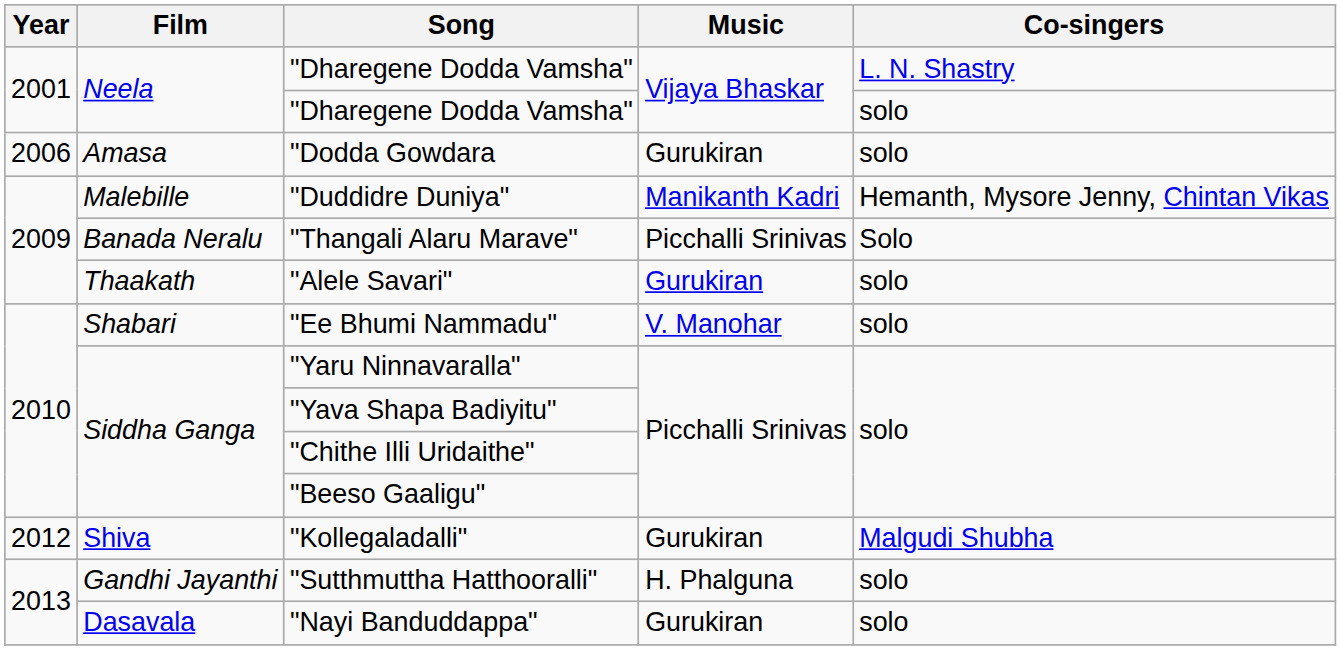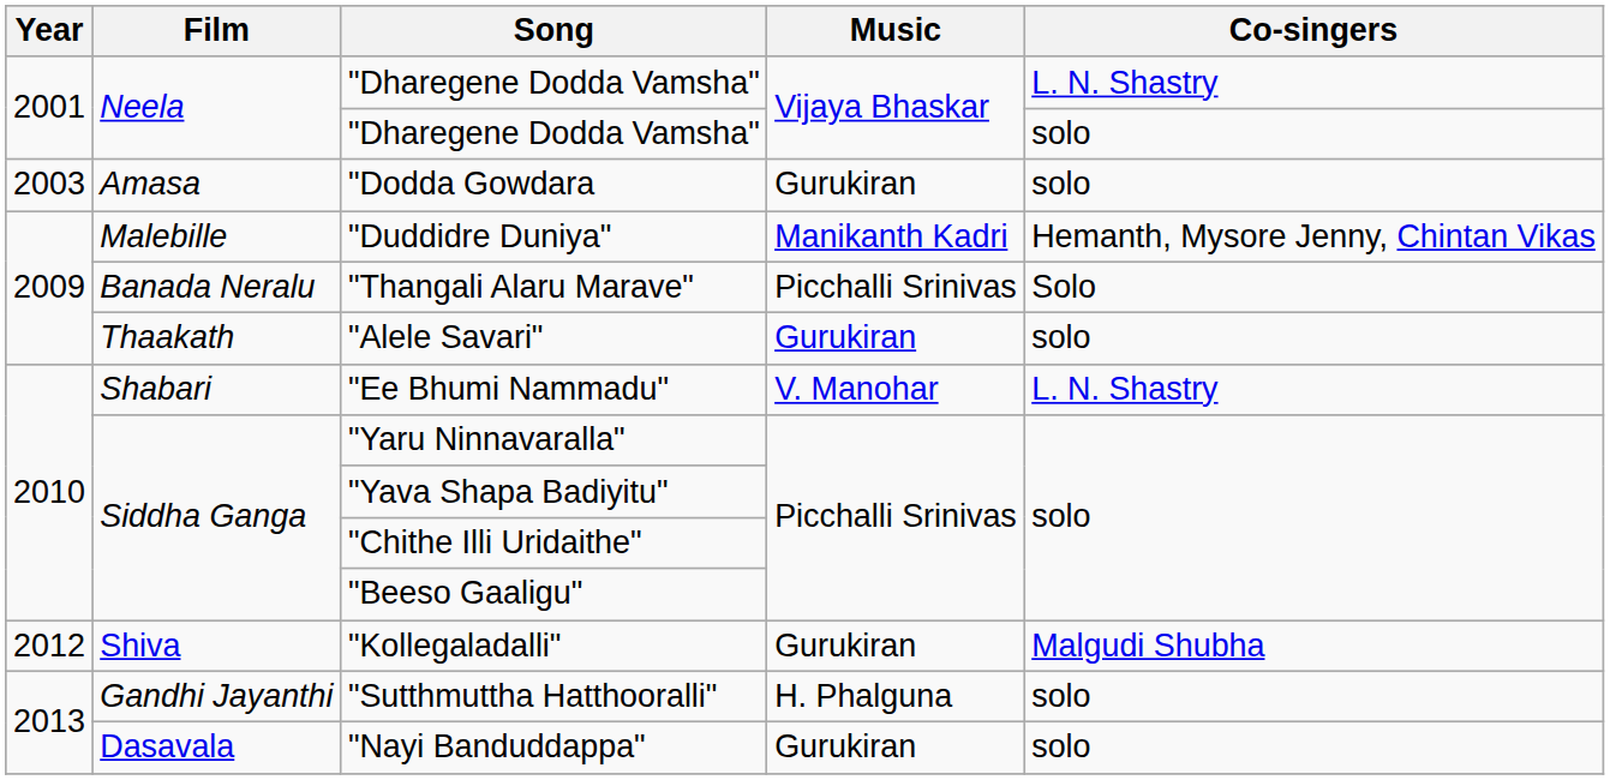 <table class="wikitable">
 <tr>
 <th>Year</th>
 <th>Film</th>
 <th>Song</th>
 <th>Music</th>
 <th>Co-singers</th>
 </tr>
 <tr>
 <td rowspan="2">2001</td>
 <td rowspan="2"><em><a href='#'>Neela</a></em></td>
 <td>"Dharegene Dodda Vamsha"</td>
 <td rowspan="2"><a href='#'>Vijaya Bhaskar</a></td>
 <td><a href='#'>L. N. Shastry</a></td>
 </tr>
 <tr>
 <td>"Dharegene Dodda Vamsha"</td>
 <td>solo</td>
 </tr>
 <tr>
-<td>2006</td>
+<td>2003</td>
 <td><em>Amasa</em></td>
 <td>"Dodda Gowdara</td>
 <td>Gurukiran</td>
 <td>solo</td>
 </tr>
 <tr>
 <td rowspan="3">2009</td>
 <td><em>Malebille</em></td>
 <td>"Duddidre Duniya"</td>
 <td><a href='#'>Manikanth Kadri</a></td>
 <td>Hemanth, Mysore Jenny, <a href='#'>Chintan Vikas</a></td>
 </tr>
 <tr>
 <td><em>Banada Neralu</em></td>
 <td>"Thangali Alaru Marave"</td>
 <td flatspan="2">Picchalli Srinivas</td>
 <td>Solo</td>
 </tr>
 <tr>
 <td><em>Thaakath</em></td>
 <td>"Alele Savari"</td>
 <td><a href='#'>Gurukiran</a></td>
 <td>solo</td>
 </tr>
 <tr>
 <td rowspan="5">2010</td>
 <td><em>Shabari</em></td>
 <td>"Ee Bhumi Nammadu"</td>
 <td><a href='#'>V. Manohar</a></td>
-<td>solo</td>
+<td><a href='#'>L. N. Shastry</a></td>
 </tr>
 <tr>
 <td rowspan="4"><em>Siddha Ganga</em></td>
 <td>"Yaru Ninnavaralla"</td>
 <td rowspan="4">Picchalli Srinivas</td>
 <td rowspan="4">solo</td>
 </tr>
 <tr>
 <td>"Yava Shapa Badiyitu"</td>
 </tr>
 <tr>
 <td>"Chithe Illi Uridaithe"</td>
 </tr>
 <tr>
 <td>"Beeso Gaaligu"</td>
 </tr>
 <tr>
 <td>2012</td>
 <td><a href='#'>Shiva</a></td>
 <td>"Kollegaladalli"</td>
 <td>Gurukiran</td>
 <td><a href='#'>Malgudi Shubha</a></td>
 </tr>
 <tr>
 <td rowspan="2">2013</td>
 <td><em>Gandhi Jayanthi</em></td>
 <td>"Sutthmuttha Hatthooralli"</td>
 <td>H. Phalguna</td>
 <td>solo</td>
 </tr>
 <tr>
 <td><a href='#'>Dasavala</a></td>
 <td>"Nayi Banduddappa"</td>
 <td>Gurukiran</td>
 <td>solo</td>
 </tr>
 </table>
